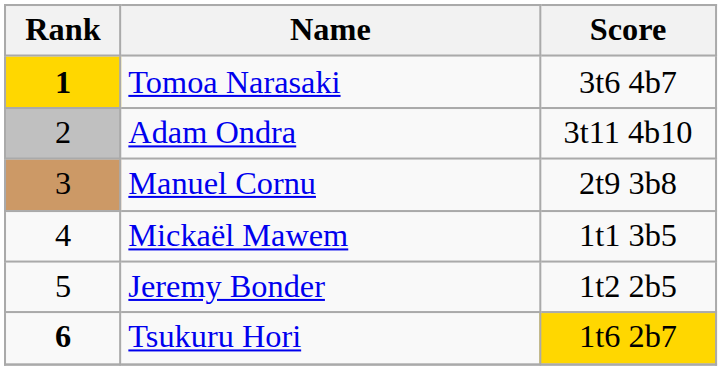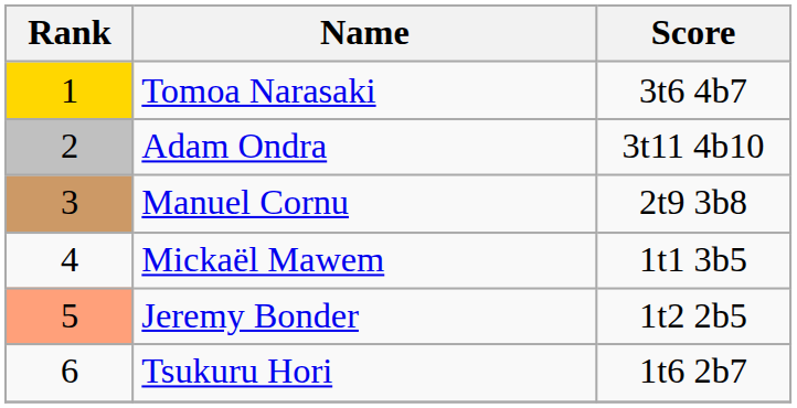 <table class="wikitable">
 <tr>
 <th width = "50">Rank</th>
 <th width = "200">Name</th>
 <th width = "80">Score</th>
 </tr>
 <tr>
-<td align="center" style="background: gold"><strong>1</strong></td>
+<td align="center" style="background: gold">1</td>
 <td> <a href='#'>Tomoa Narasaki</a></td>
 <td align="center">3t6 4b7</td>
 </tr>
 <tr>
 <td align="center" style="background: silver">2</td>
 <td> <a href='#'>Adam Ondra</a></td>
 <td align="center">3t11 4b10</td>
 </tr>
 <tr>
 <td align="center" style="background: #cc9966">3</td>
 <td> <a href='#'>Manuel Cornu</a></td>
 <td align="center">2t9 3b8</td>
 </tr>
 <tr>
 <td align="center">4</td>
 <td> <a href='#'>Mickaël Mawem</a></td>
 <td align="center">1t1 3b5</td>
 </tr>
 <tr>
-<td align="center">5</td>
+<td align="center" style="background: lightsalmon;">5</td>
 <td> <a href='#'>Jeremy Bonder</a></td>
 <td align="center">1t2 2b5</td>
 </tr>
 <tr>
-<td align="center"><strong>6</strong></td>
+<td align="center">6</td>
 <td> <a href='#'>Tsukuru Hori</a></td>
-<td align="center" style="background: gold;">1t6 2b7</td>
+<td align="center">1t6 2b7</td>
 </tr>
 <tr>
 </tr>
 </table>
